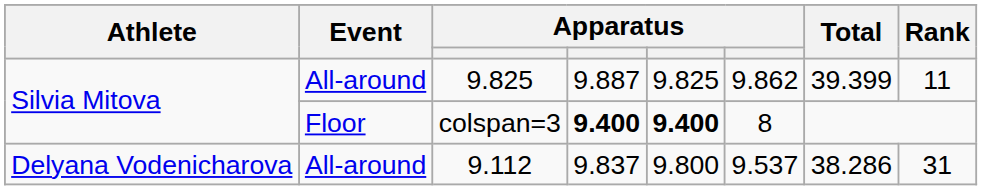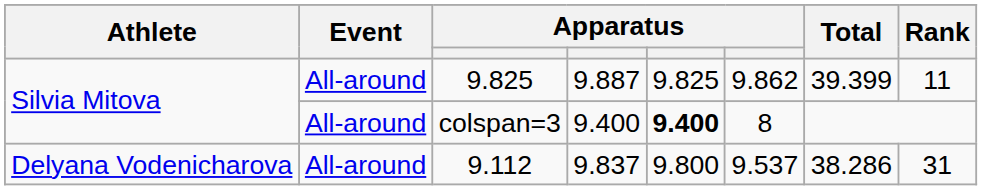 <table class="wikitable" style="font-size:90%">
 <tr>
 <th rowspan=2>Athlete</th>
 <th rowspan=2>Event</th>
 <th colspan=4>Apparatus</th>
 <th rowspan=2>Total</th>
 <th rowspan=2>Rank</th>
 </tr>
 <tr style="font-size:95%">
 <th></th>
 <th></th>
 <th></th>
 <th></th>
 </tr>
 <tr align=center>
 <td align=left rowspan=2><a href='#'>Silvia Mitova</a></td>
 <td align=left><a href='#'>All-around</a></td>
 <td>9.825</td>
 <td>9.887</td>
 <td>9.825</td>
 <td>9.862</td>
 <td>39.399</td>
 <td>11</td>
 </tr>
 <tr align=center>
-<td align=left><a href='#'>Floor</a></td>
+<td align=left><a href='#'>All-around</a></td>
 <td>colspan=3</td>
-<td><strong>9.400</strong></td>
+<td>9.400</td>
 <td><strong>9.400</strong></td>
 <td>8</td>
 </tr>
 <tr align=center>
 <td align=left><a href='#'>Delyana Vodenicharova</a></td>
 <td align=left><a href='#'>All-around</a></td>
 <td>9.112</td>
 <td>9.837</td>
 <td>9.800</td>
 <td>9.537</td>
 <td>38.286</td>
 <td>31</td>
 </tr>
 </table>
